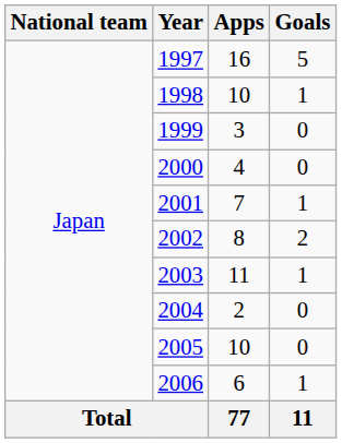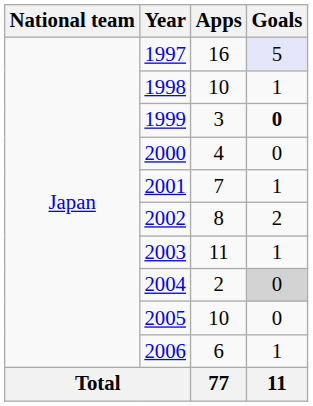 <table class="wikitable" style="text-align:center">
 <tr>
 <th>National team</th>
 <th>Year</th>
 <th>Apps</th>
 <th>Goals</th>
 </tr>
 <tr>
 <td rowspan="10"><a href='#'>Japan</a></td>
 <td><a href='#'>1997</a></td>
 <td>16</td>
-<td>5</td>
+<td style="background: lavender;">5</td>
 </tr>
 <tr>
 <td><a href='#'>1998</a></td>
 <td>10</td>
 <td>1</td>
 </tr>
 <tr>
 <td><a href='#'>1999</a></td>
 <td>3</td>
-<td>0</td>
+<td><strong>0</strong></td>
 </tr>
 <tr>
 <td><a href='#'>2000</a></td>
 <td>4</td>
 <td>0</td>
 </tr>
 <tr>
 <td><a href='#'>2001</a></td>
 <td>7</td>
 <td>1</td>
 </tr>
 <tr>
 <td><a href='#'>2002</a></td>
 <td>8</td>
 <td>2</td>
 </tr>
 <tr>
 <td><a href='#'>2003</a></td>
 <td>11</td>
 <td>1</td>
 </tr>
 <tr>
 <td><a href='#'>2004</a></td>
 <td>2</td>
-<td>0</td>
+<td style="background: lightgrey;">0</td>
 </tr>
 <tr>
 <td><a href='#'>2005</a></td>
 <td>10</td>
 <td>0</td>
 </tr>
 <tr>
 <td><a href='#'>2006</a></td>
 <td>6</td>
 <td>1</td>
 </tr>
 <tr>
 <th colspan="2">Total</th>
 <th>77</th>
 <th>11</th>
 </tr>
 </table>
